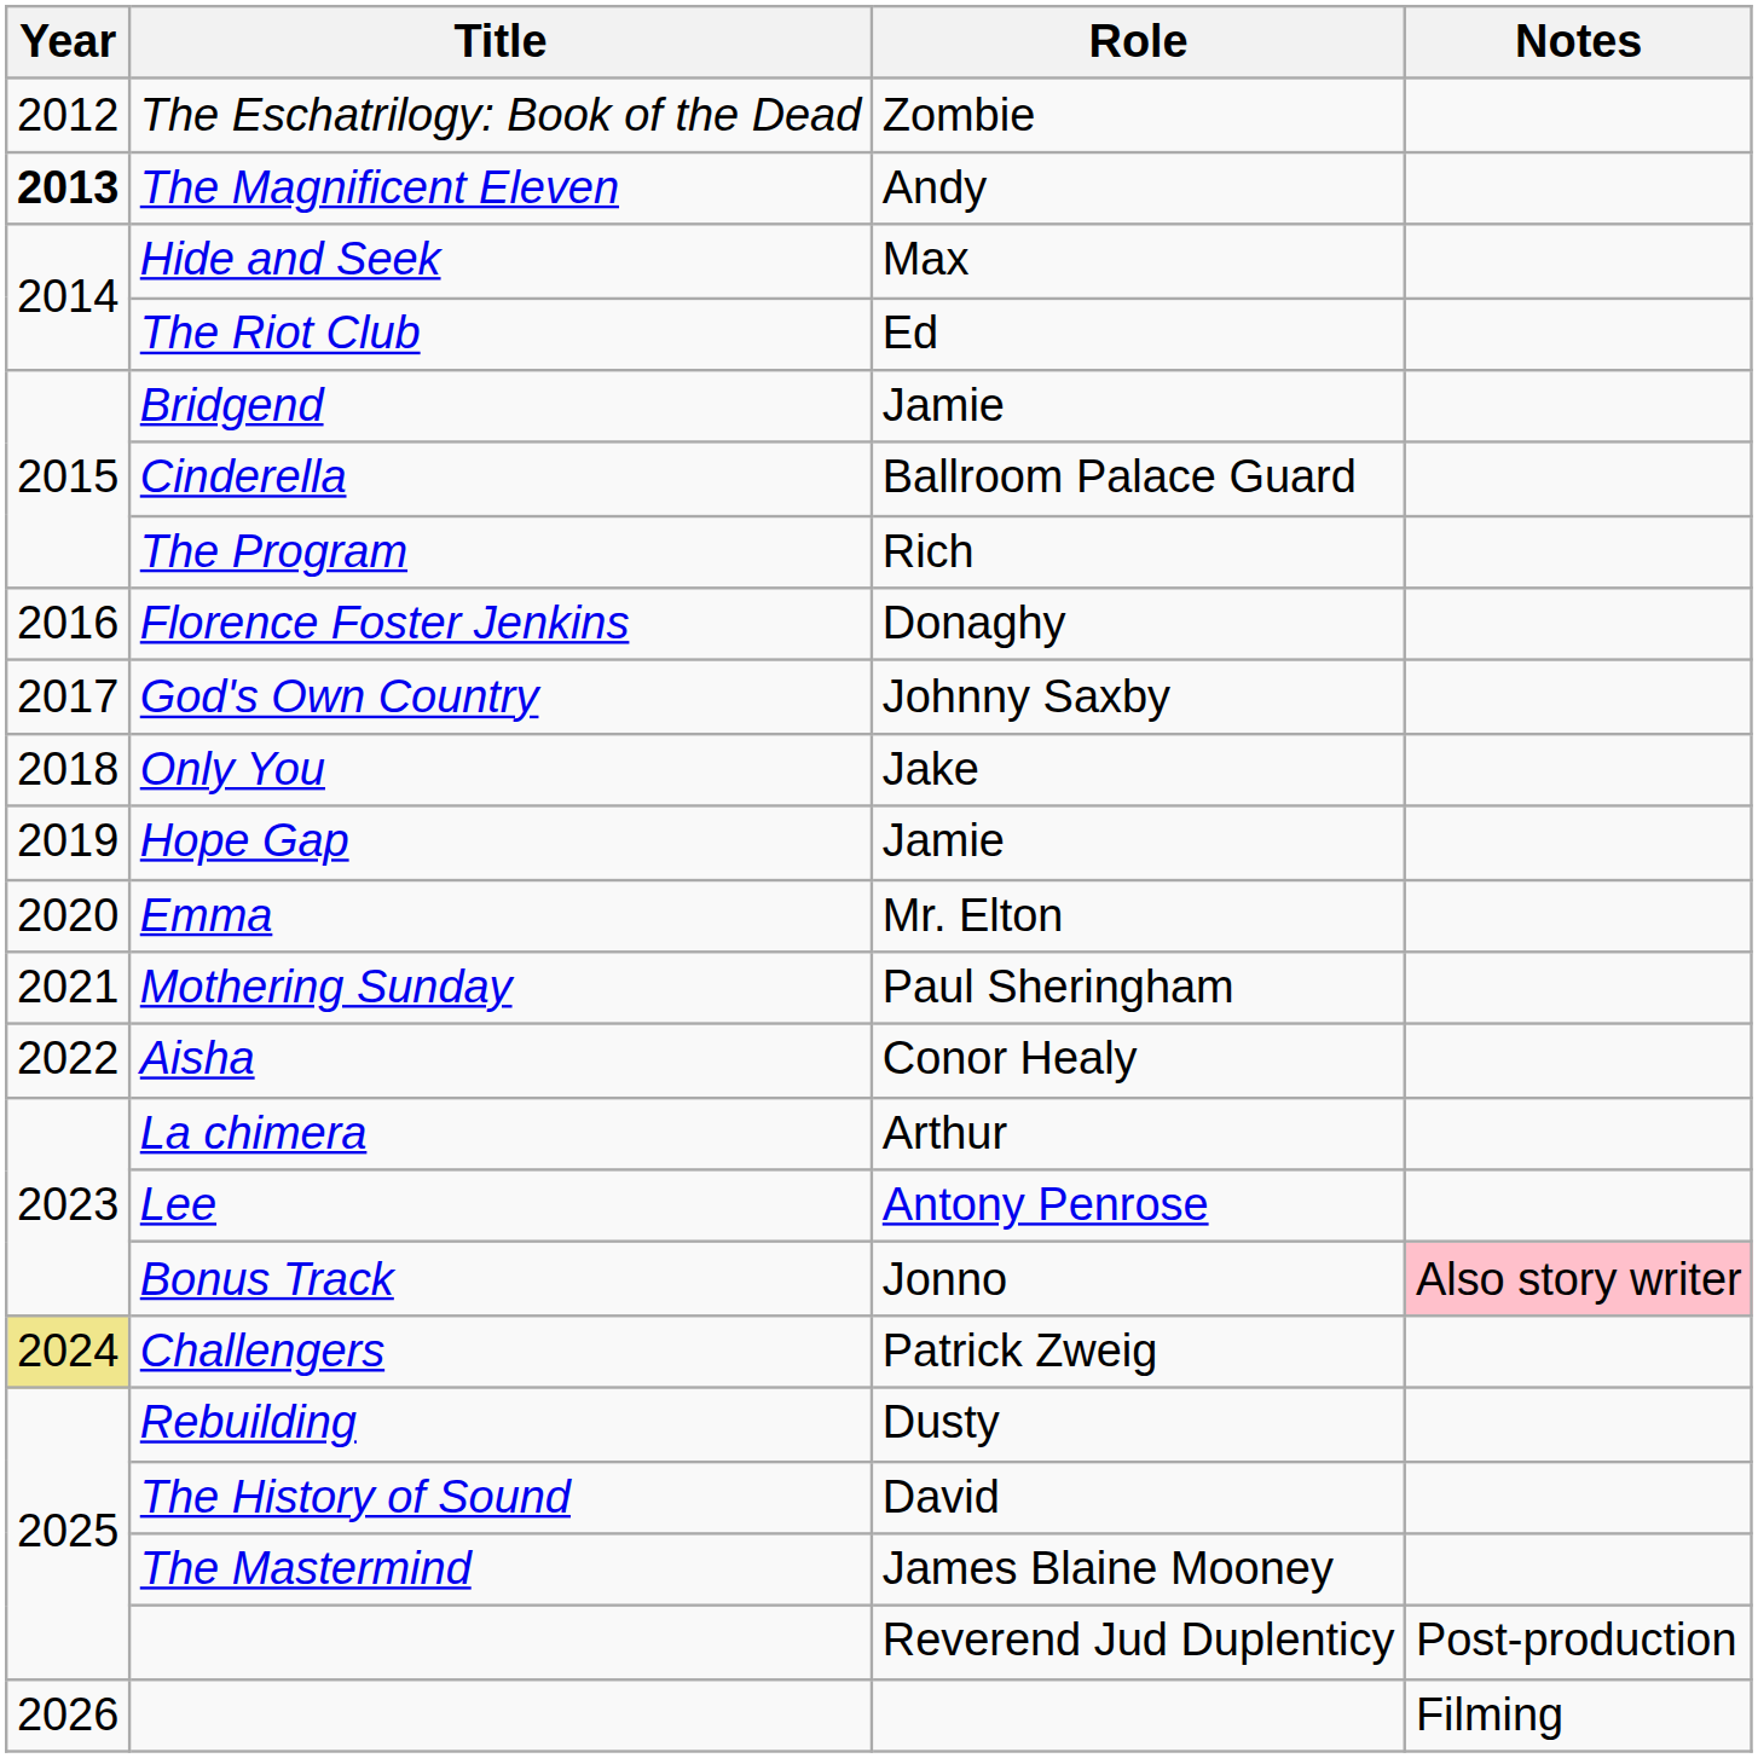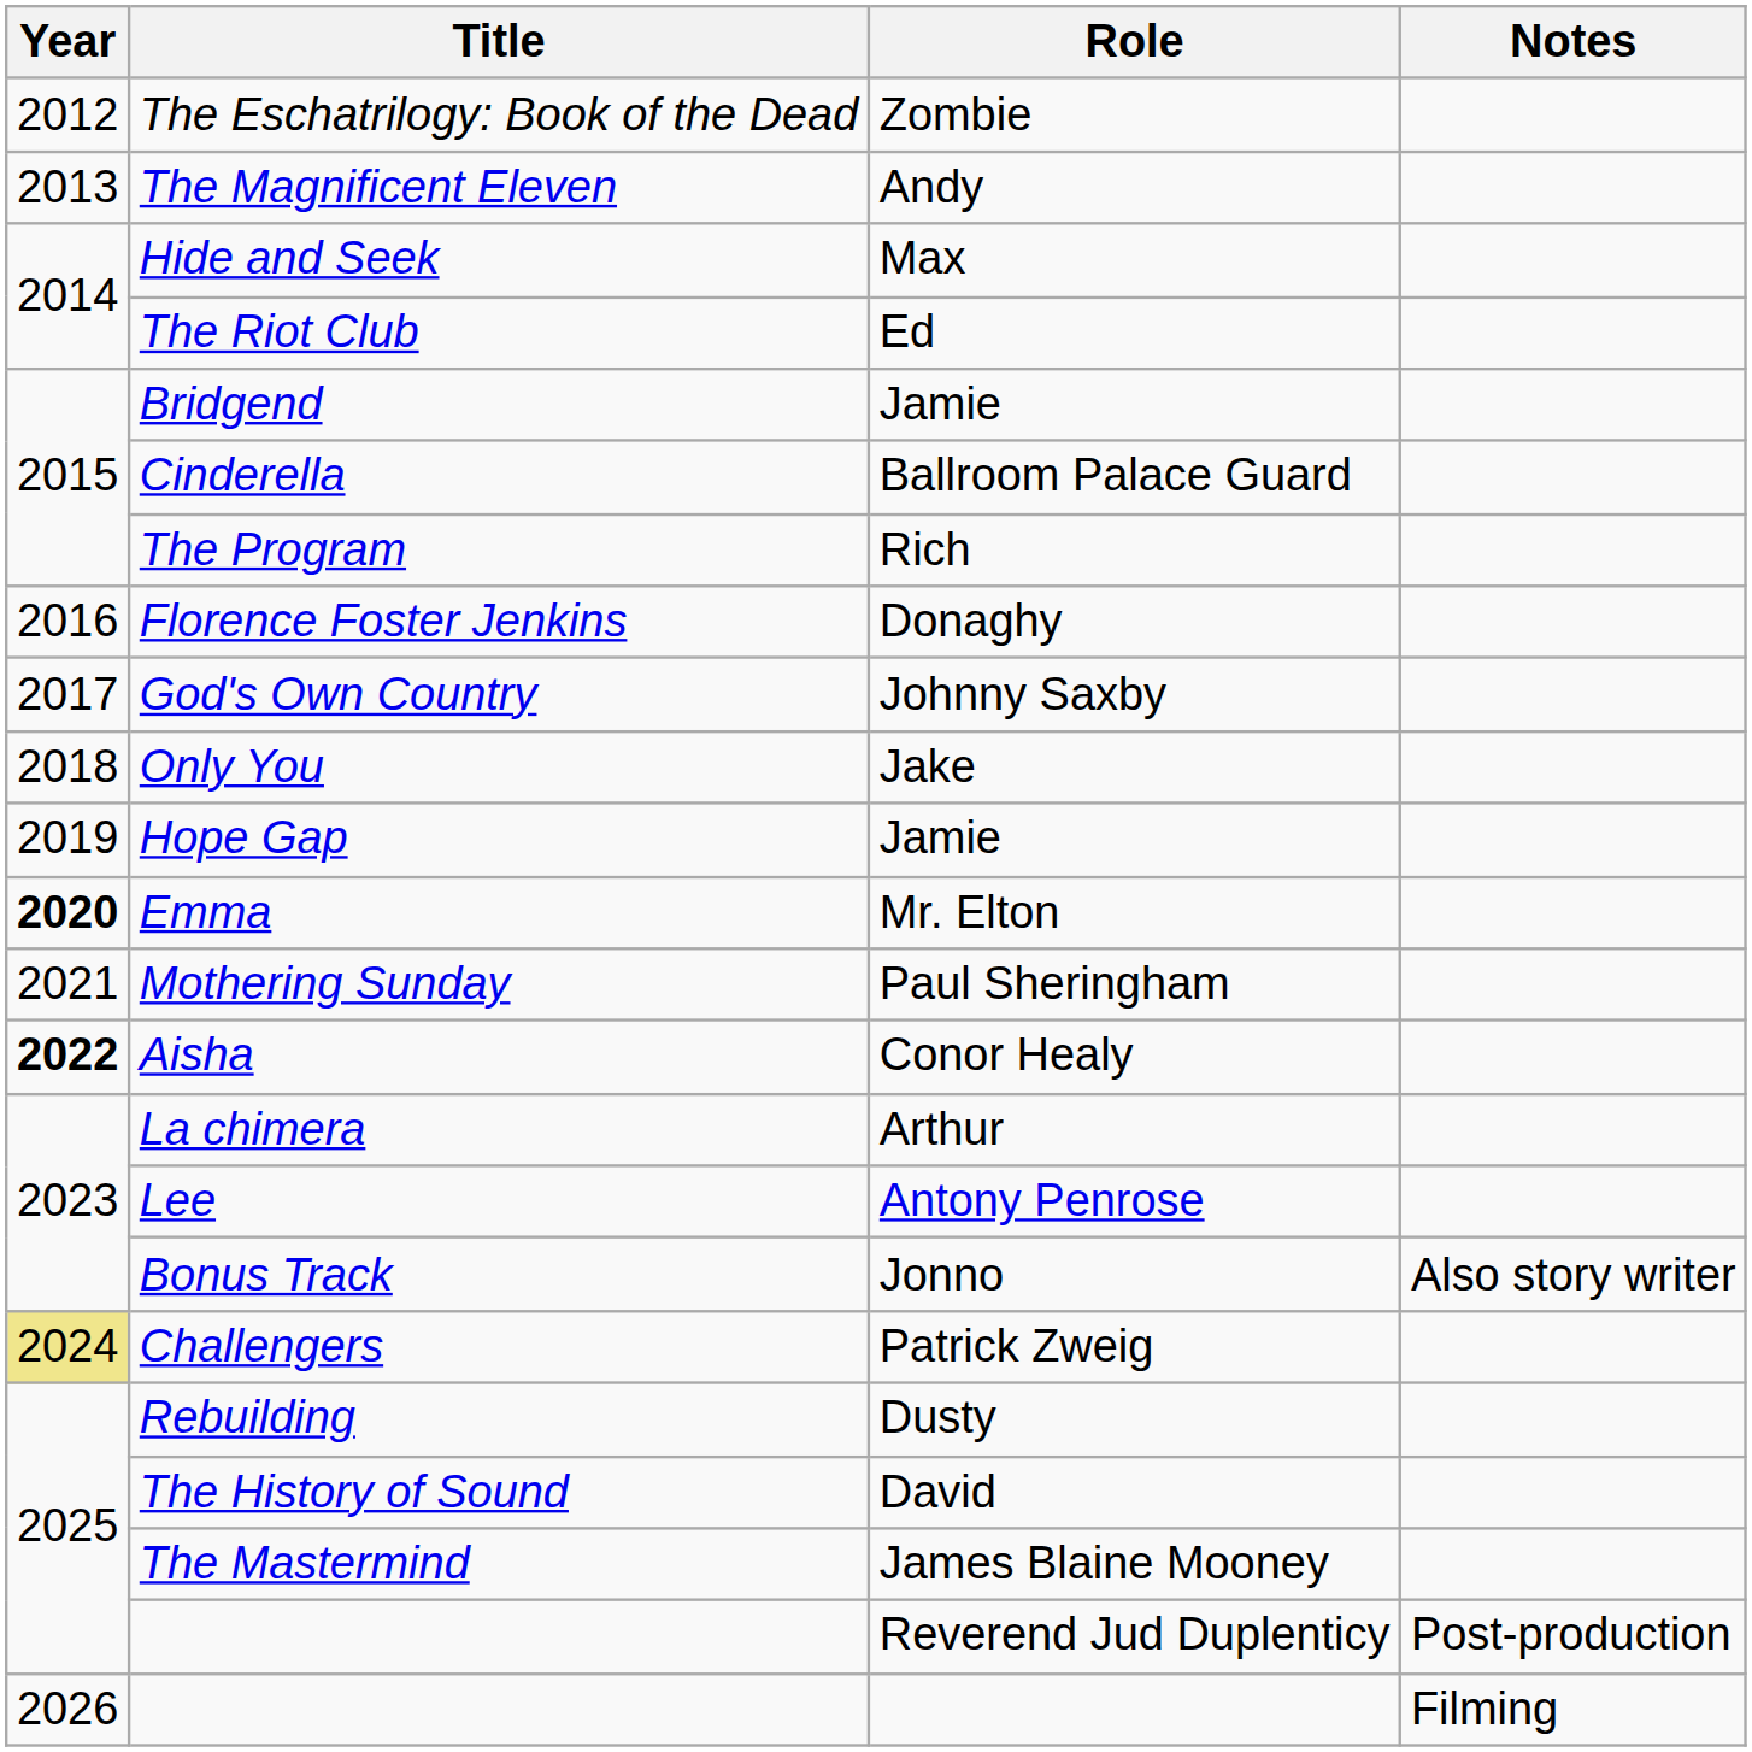 <table class="wikitable sortable">
 <tr>
 <th>Year</th>
 <th>Title</th>
 <th>Role</th>
 <th class="unsortable">Notes</th>
 </tr>
 <tr>
 <td>2012</td>
 <td><em>The Eschatrilogy: Book of the Dead</em></td>
 <td>Zombie</td>
 <td></td>
 </tr>
 <tr>
-<td><strong>2013</strong></td>
+<td>2013</td>
 <td><em><a href='#'>The Magnificent Eleven</a></em></td>
 <td>Andy</td>
 <td></td>
 </tr>
 <tr>
 <td rowspan="2">2014</td>
 <td><em><a href='#'>Hide and Seek</a></em></td>
 <td>Max</td>
 <td></td>
 </tr>
 <tr>
 <td><em><a href='#'>The Riot Club</a></em></td>
 <td>Ed</td>
 <td></td>
 </tr>
 <tr>
 <td rowspan="3">2015</td>
 <td><em><a href='#'>Bridgend</a></em></td>
 <td>Jamie</td>
 <td></td>
 </tr>
 <tr>
 <td><em><a href='#'>Cinderella</a></em></td>
 <td>Ballroom Palace Guard</td>
 <td></td>
 </tr>
 <tr>
 <td><em><a href='#'>The Program</a></em></td>
 <td>Rich</td>
 <td></td>
 </tr>
 <tr>
 <td>2016</td>
 <td><em><a href='#'>Florence Foster Jenkins</a></em></td>
 <td>Donaghy</td>
 <td></td>
 </tr>
 <tr>
 <td>2017</td>
 <td><em><a href='#'>God's Own Country</a></em></td>
 <td>Johnny Saxby</td>
 <td></td>
 </tr>
 <tr>
 <td>2018</td>
 <td><a href='#'><em>Only You</em></a></td>
 <td>Jake</td>
 <td></td>
 </tr>
 <tr>
 <td>2019</td>
 <td><em><a href='#'>Hope Gap</a></em></td>
 <td>Jamie</td>
 <td></td>
 </tr>
 <tr>
-<td>2020</td>
+<td><strong>2020</strong></td>
 <td><em><a href='#'>Emma</a></em></td>
 <td>Mr. Elton</td>
 <td></td>
 </tr>
 <tr>
 <td>2021</td>
 <td><em><a href='#'>Mothering Sunday</a></em></td>
 <td>Paul Sheringham</td>
 <td></td>
 </tr>
 <tr>
-<td>2022</td>
+<td><strong>2022</strong></td>
 <td><em><a href='#'>Aisha</a></em></td>
 <td>Conor Healy</td>
 <td></td>
 </tr>
 <tr>
 <td rowspan="3">2023</td>
 <td><em><a href='#'>La chimera</a></em></td>
 <td>Arthur</td>
 <td></td>
 </tr>
 <tr>
 <td><em><a href='#'>Lee</a></em></td>
 <td><a href='#'>Antony Penrose</a></td>
 <td></td>
 </tr>
 <tr>
 <td><em><a href='#'>Bonus Track</a></em></td>
 <td>Jonno</td>
-<td style="background: pink;">Also story writer</td>
+<td>Also story writer</td>
 </tr>
 <tr>
 <td style="background: khaki;">2024</td>
 <td><em><a href='#'>Challengers</a></em></td>
 <td>Patrick Zweig</td>
 <td></td>
 </tr>
 <tr>
 <td rowspan="4">2025</td>
 <td><em><a href='#'>Rebuilding</a></em></td>
 <td>Dusty</td>
 <td></td>
 </tr>
 <tr>
 <td><em><a href='#'>The History of Sound</a></em></td>
 <td>David</td>
 <td></td>
 </tr>
 <tr>
 <td><em><a href='#'>The Mastermind</a></em></td>
 <td>James Blaine Mooney</td>
 <td></td>
 </tr>
 <tr>
 <td></td>
 <td>Reverend Jud Duplenticy</td>
 <td>Post-production</td>
 </tr>
 <tr>
 <td>2026</td>
 <td></td>
 <td></td>
 <td>Filming</td>
 </tr>
 </table>
